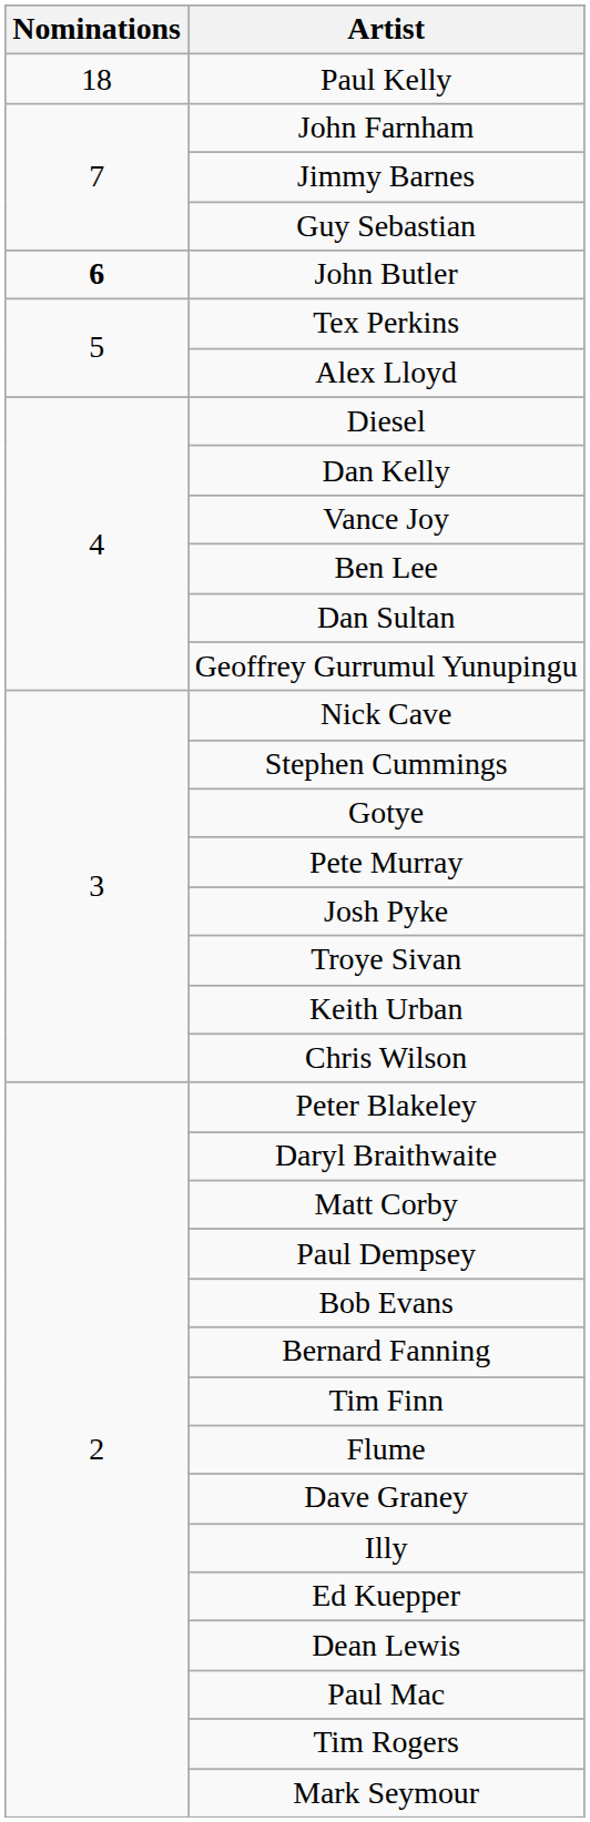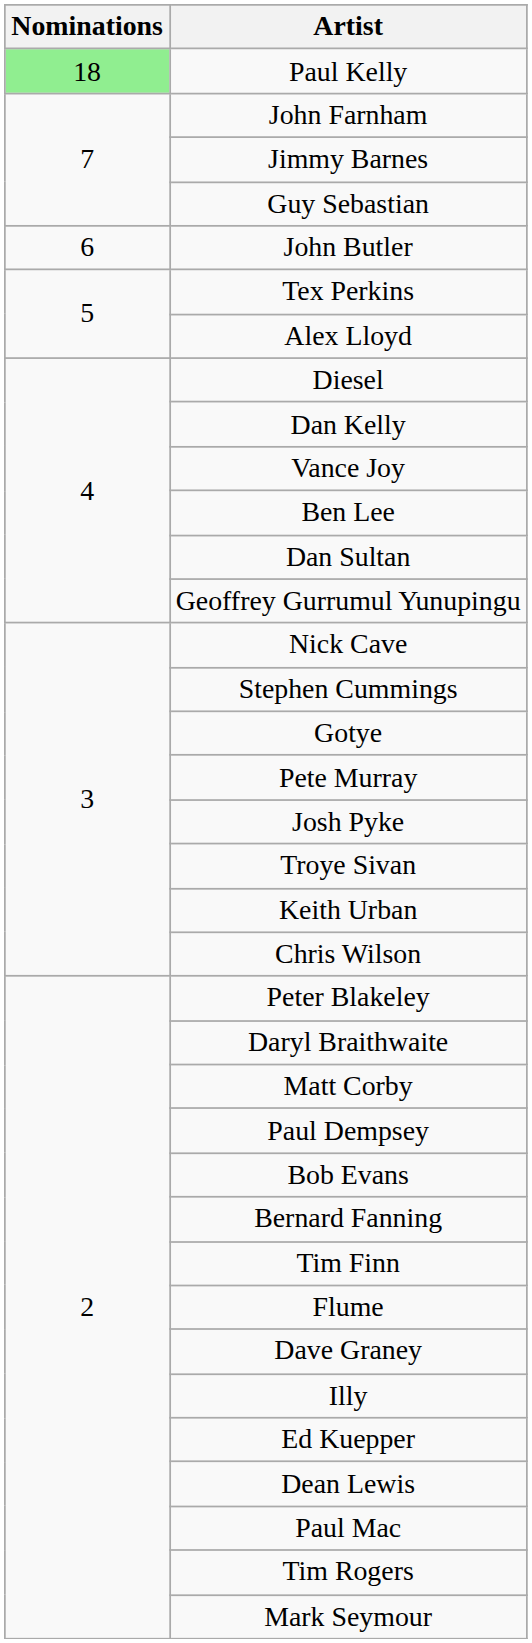 <table class="wikitable" style="text-align: center">
 <tr>
 <th scope="col" width="20">Nominations</th>
 <th scope="col" align="center">Artist</th>
 </tr>
 <tr>
-<td style="text-align:center">18</td>
+<td style="background: lightgreen; text-align:center">18</td>
 <td>Paul Kelly</td>
 </tr>
 <tr>
 <td rowspan=3 style="text-align:center">7</td>
 <td>John Farnham</td>
 </tr>
 <tr>
 <td>Jimmy Barnes</td>
 </tr>
 <tr>
 <td>Guy Sebastian</td>
 </tr>
 <tr>
-<td rowspan=1 style="text-align:center"><strong>6</strong></td>
+<td rowspan=1 style="text-align:center">6</td>
 <td>John Butler</td>
 </tr>
 <tr>
 <td rowspan=2 style="text-align:center">5</td>
 <td>Tex Perkins</td>
 </tr>
 <tr>
 <td>Alex Lloyd</td>
 </tr>
 <tr>
 <td rowspan=6 style="text-align:center">4</td>
 <td>Diesel</td>
 </tr>
 <tr>
 <td>Dan Kelly</td>
 </tr>
 <tr>
 <td>Vance Joy</td>
 </tr>
 <tr>
 <td>Ben Lee</td>
 </tr>
 <tr>
 <td>Dan Sultan</td>
 </tr>
 <tr>
 <td>Geoffrey Gurrumul Yunupingu</td>
 </tr>
 <tr>
 <td rowspan=8 style="text-align:center">3</td>
 <td>Nick Cave</td>
 </tr>
 <tr>
 <td>Stephen Cummings</td>
 </tr>
 <tr>
 <td>Gotye</td>
 </tr>
 <tr>
 <td>Pete Murray</td>
 </tr>
 <tr>
 <td>Josh Pyke</td>
 </tr>
 <tr>
 <td>Troye Sivan</td>
 </tr>
 <tr>
 <td>Keith Urban</td>
 </tr>
 <tr>
 <td>Chris Wilson</td>
 </tr>
 <tr>
 <td rowspan=15 style="text-align:center">2</td>
 <td>Peter Blakeley</td>
 </tr>
 <tr>
 <td>Daryl Braithwaite</td>
 </tr>
 <tr>
 <td>Matt Corby</td>
 </tr>
 <tr>
 <td>Paul Dempsey</td>
 </tr>
 <tr>
 <td>Bob Evans</td>
 </tr>
 <tr>
 <td>Bernard Fanning</td>
 </tr>
 <tr>
 <td>Tim Finn</td>
 </tr>
 <tr>
 <td>Flume</td>
 </tr>
 <tr>
 <td>Dave Graney</td>
 </tr>
 <tr>
 <td>Illy</td>
 </tr>
 <tr>
 <td>Ed Kuepper</td>
 </tr>
 <tr>
 <td>Dean Lewis</td>
 </tr>
 <tr>
 <td>Paul Mac</td>
 </tr>
 <tr>
 <td>Tim Rogers</td>
 </tr>
 <tr>
 <td>Mark Seymour</td>
 </tr>
 </table>
